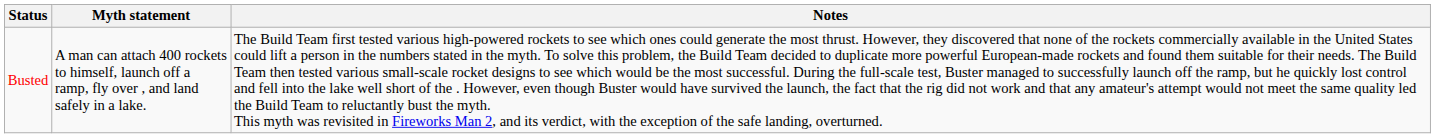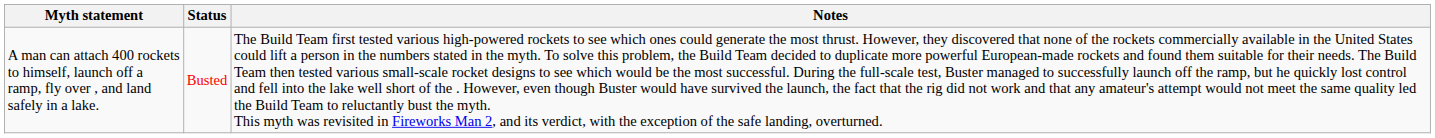 <table class="wikitable plainrowheaders">
 <tr>
+<th>Myth statement</th>
 <th>Status</th>
-<th>Myth statement</th>
 <th>Notes</th>
 </tr>
 <tr>
+<td>A man can attach 400 rockets to himself, launch off a ramp, fly over , and land safely in a lake.</td>
 <td style="color:red">Busted</td>
-<td>A man can attach 400 rockets to himself, launch off a ramp, fly over , and land safely in a lake.</td>
 <td>The Build Team first tested various high-powered rockets to see which ones could generate the most thrust. However, they discovered that none of the rockets commercially available in the United States could lift a person in the numbers stated in the myth. To solve this problem, the Build Team decided to duplicate more powerful European-made rockets and found them suitable for their needs. The Build Team then tested various small-scale rocket designs to see which would be the most successful. During the full-scale test, Buster managed to successfully launch off the ramp, but he quickly lost control and fell into the lake well short of the . However, even though Buster would have survived the launch, the fact that the rig did not work and that any amateur's attempt would not meet the same quality led the Build Team to reluctantly bust the myth.<br>This myth was revisited in <a href='#'>Fireworks Man 2</a>, and its verdict, with the exception of the safe landing, overturned.</td>
 </tr>
 </table>
